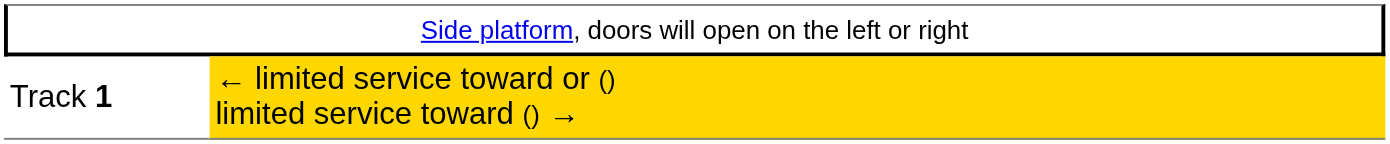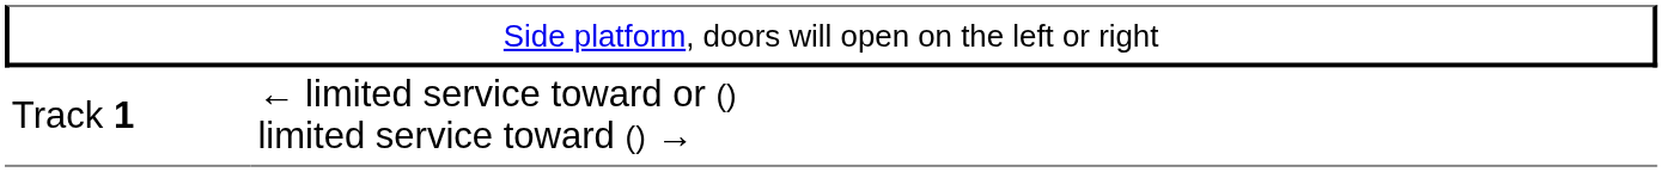 <table cellpadding="3" cellspacing="0" border="0">
 <tr>
 <td colspan="2" style="border-top:solid 1px gray;border-bottom:solid 2px black;border-right:solid 2px black;border-left:solid 2px black;text-align:center;"><small><a href='#'>Side platform</a>, doors will open on the left or right</small> </td>
 </tr>
 <tr>
 <td width="100" style="border-bottom:solid 1px gray;">Track <strong>1</strong></td>
-<td width="600" style="background: gold; border-bottom:solid 1px gray;">←  limited service toward  or  <small>()</small><br>  limited service toward  <small>()</small> →</td>
+<td width="600" style="border-bottom:solid 1px gray;">←  limited service toward  or  <small>()</small><br>  limited service toward  <small>()</small> →</td>
 </tr>
 </table>
